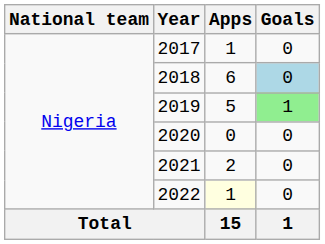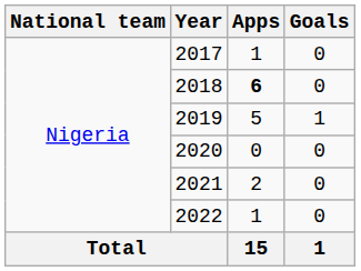 <table class="wikitable" style="text-align:center">
 <tr>
 <th>National team</th>
 <th>Year</th>
 <th>Apps</th>
 <th>Goals</th>
 </tr>
 <tr>
 <td rowspan="6"><a href='#'>Nigeria</a></td>
 <td>2017</td>
 <td>1</td>
 <td>0</td>
 </tr>
 <tr>
 <td>2018</td>
-<td>6</td>
-<td style="background: lightblue;">0</td>
+<td><strong>6</strong></td>
+<td>0</td>
 </tr>
 <tr>
 <td>2019</td>
 <td>5</td>
-<td style="background: lightgreen;">1</td>
+<td>1</td>
 </tr>
 <tr>
 <td>2020</td>
 <td>0</td>
 <td>0</td>
 </tr>
 <tr>
 <td>2021</td>
 <td>2</td>
 <td>0</td>
 </tr>
 <tr>
 <td>2022</td>
-<td style="background: lightyellow;">1</td>
+<td>1</td>
 <td>0</td>
 </tr>
 <tr>
 <th colspan="2">Total</th>
 <th>15</th>
 <th>1</th>
 </tr>
 </table>
